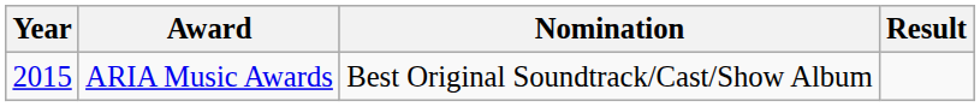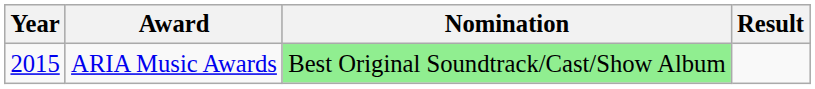 <table class="wikitable">
 <tr>
 <th>Year</th>
 <th>Award</th>
 <th>Nomination</th>
 <th>Result</th>
 </tr>
 <tr>
 <td rowspan="4"><a href='#'>2015</a></td>
 <td rowspan="1"><a href='#'>ARIA Music Awards</a></td>
-<td>Best Original Soundtrack/Cast/Show Album</td>
+<td style="background: lightgreen;">Best Original Soundtrack/Cast/Show Album</td>
 <td></td>
 </tr>
 </table>
